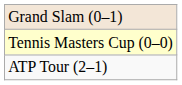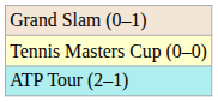 <table class="wikitable">
 <tr style="background:#f3e6d7;">
 <td>Grand Slam (0–1)</td>
 </tr>
 <tr style="background:#ffc;">
 <td>Tennis Masters Cup (0–0)</td>
 </tr>
 <tr>
-<td>ATP Tour (2–1)</td>
+<td style="background: paleturquoise;">ATP Tour (2–1)</td>
 </tr>
 </table>
